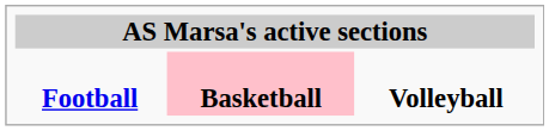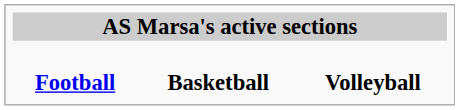 <table class="infobox" style="width: 20em; font-size: 95%em;">
 <tr bgcolor="#cccccc" style="text-align: center">
 <th colspan="3">AS Marsa's active sections</th>
 </tr>
 <tr style="text-align: center">
 <td><br><strong><a href='#'>Football</a></strong></td>
-<td style="background: pink;"><br><strong>Basketball</strong></td>
+<td><br><strong>Basketball</strong></td>
 <td><br><strong>Volleyball</strong></td>
 </tr>
 </table>
